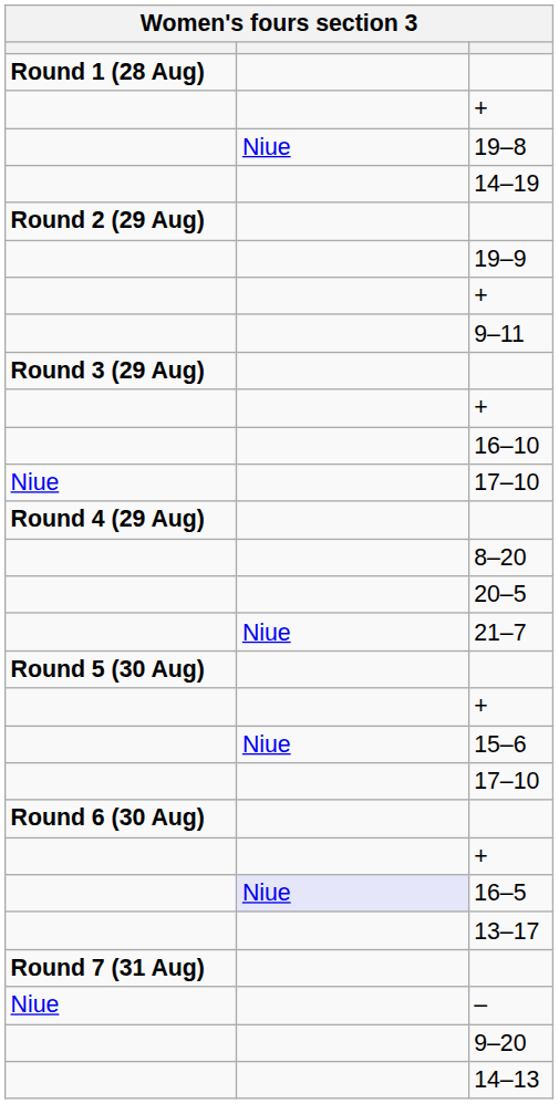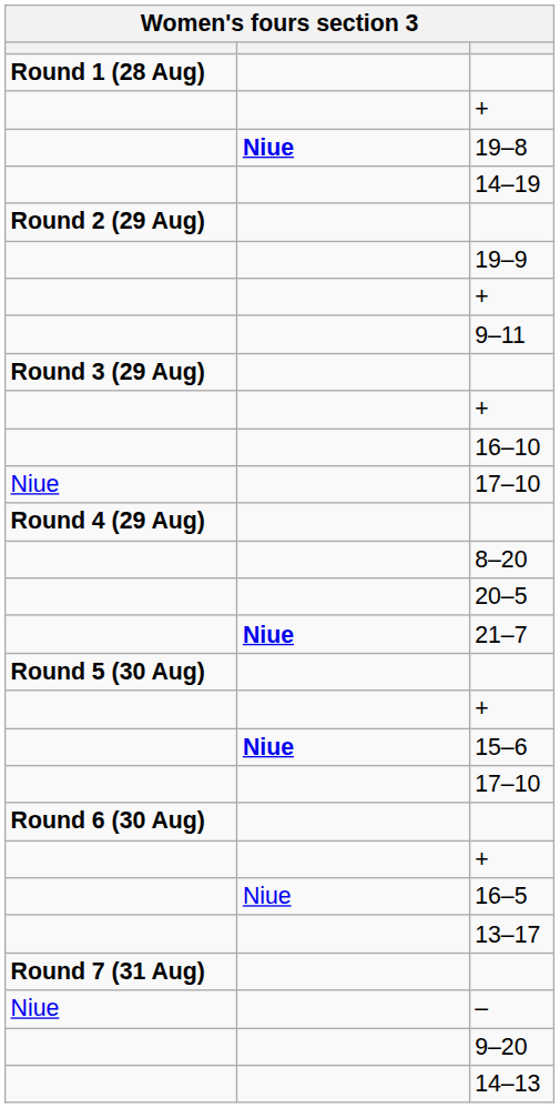 <table class="wikitable">
 <tr>
 <th colspan="3">Women's fours section 3</th>
 </tr>
 <tr>
 <th width=150></th>
 <th width=150></th>
 <th width=50></th>
 </tr>
 <tr>
 <td><strong>Round 1 (28 Aug)</strong></td>
 <td></td>
 <td></td>
 </tr>
 <tr>
 <td></td>
 <td></td>
 <td>+</td>
 </tr>
 <tr>
 <td></td>
-<td> <a href='#'>Niue</a></td>
+<td><strong> <a href='#'>Niue</a></strong></td>
 <td>19–8</td>
 </tr>
 <tr>
 <td></td>
 <td></td>
 <td>14–19</td>
 </tr>
 <tr>
 <td><strong>Round 2 (29 Aug)</strong></td>
 <td></td>
 <td></td>
 </tr>
 <tr>
 <td></td>
 <td></td>
 <td>19–9</td>
 </tr>
 <tr>
 <td></td>
 <td></td>
 <td>+</td>
 </tr>
 <tr>
 <td></td>
 <td></td>
 <td>9–11</td>
 </tr>
 <tr>
 <td><strong>Round 3 (29 Aug)</strong></td>
 <td></td>
 <td></td>
 </tr>
 <tr>
 <td></td>
 <td></td>
 <td>+</td>
 </tr>
 <tr>
 <td></td>
 <td></td>
 <td>16–10</td>
 </tr>
 <tr>
 <td> <a href='#'>Niue</a></td>
 <td></td>
 <td>17–10</td>
 </tr>
 <tr>
 <td><strong>Round 4 (29 Aug)</strong></td>
 <td></td>
 <td></td>
 </tr>
 <tr>
 <td></td>
 <td></td>
 <td>8–20</td>
 </tr>
 <tr>
 <td></td>
 <td></td>
 <td>20–5</td>
 </tr>
 <tr>
 <td></td>
-<td> <a href='#'>Niue</a></td>
+<td><strong> <a href='#'>Niue</a></strong></td>
 <td>21–7</td>
 </tr>
 <tr>
 <td><strong>Round 5 (30 Aug)</strong></td>
 <td></td>
 <td></td>
 </tr>
 <tr>
 <td></td>
 <td></td>
 <td>+</td>
 </tr>
 <tr>
 <td></td>
-<td> <a href='#'>Niue</a></td>
+<td><strong> <a href='#'>Niue</a></strong></td>
 <td>15–6</td>
 </tr>
 <tr>
 <td></td>
 <td></td>
 <td>17–10</td>
 </tr>
 <tr>
 <td><strong>Round 6  (30 Aug)</strong></td>
 <td></td>
 <td></td>
 </tr>
 <tr>
 <td></td>
 <td></td>
 <td>+</td>
 </tr>
 <tr>
 <td></td>
-<td style="background: lavender;"> <a href='#'>Niue</a></td>
+<td> <a href='#'>Niue</a></td>
 <td>16–5</td>
 </tr>
 <tr>
 <td></td>
 <td></td>
 <td>13–17</td>
 </tr>
 <tr>
 <td><strong>Round 7 (31 Aug)</strong></td>
 <td></td>
 <td></td>
 </tr>
 <tr>
 <td> <a href='#'>Niue</a></td>
 <td></td>
 <td>–</td>
 </tr>
 <tr>
 <td></td>
 <td></td>
 <td>9–20</td>
 </tr>
 <tr>
 <td></td>
 <td></td>
 <td>14–13</td>
 </tr>
 </table>
